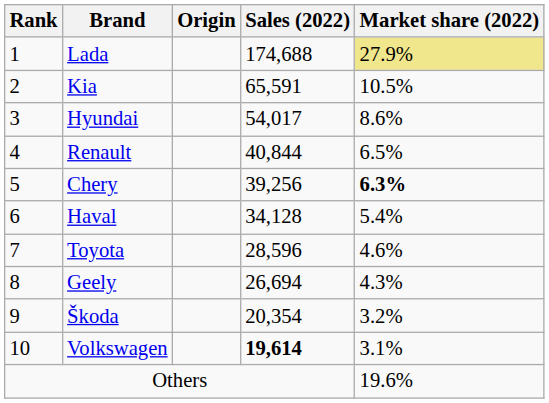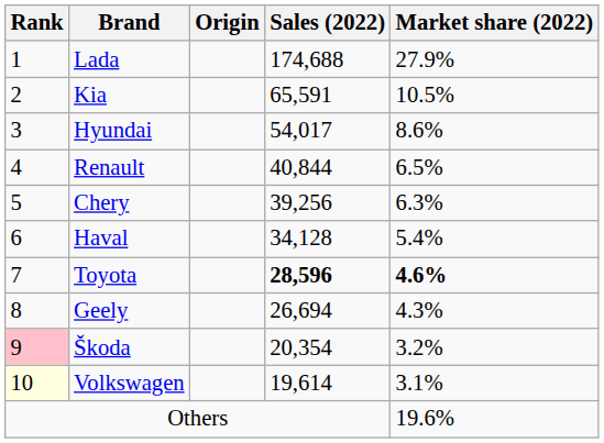 <table class="wikitable">
 <tr>
 <th>Rank</th>
 <th>Brand</th>
 <th>Origin</th>
 <th>Sales (2022)</th>
 <th>Market share (2022)</th>
 </tr>
 <tr>
 <td>1</td>
 <td><a href='#'>Lada</a></td>
 <td></td>
 <td>174,688</td>
-<td style="background: khaki;">27.9%</td>
+<td>27.9%</td>
 </tr>
 <tr>
 <td>2</td>
 <td><a href='#'>Kia</a></td>
 <td></td>
 <td>65,591</td>
 <td>10.5%</td>
 </tr>
 <tr>
 <td>3</td>
 <td><a href='#'>Hyundai</a></td>
 <td></td>
 <td>54,017</td>
 <td>8.6%</td>
 </tr>
 <tr>
 <td>4</td>
 <td><a href='#'>Renault</a></td>
 <td></td>
 <td>40,844</td>
 <td>6.5%</td>
 </tr>
 <tr>
 <td>5</td>
 <td><a href='#'>Chery</a></td>
 <td></td>
 <td>39,256</td>
-<td><strong>6.3%</strong></td>
+<td>6.3%</td>
 </tr>
 <tr>
 <td>6</td>
 <td><a href='#'>Haval</a></td>
 <td></td>
 <td>34,128</td>
 <td>5.4%</td>
 </tr>
 <tr>
 <td>7</td>
 <td><a href='#'>Toyota</a></td>
 <td></td>
-<td>28,596</td>
-<td>4.6%</td>
+<td><strong>28,596</strong></td>
+<td><strong>4.6%</strong></td>
 </tr>
 <tr>
 <td>8</td>
 <td><a href='#'>Geely</a></td>
 <td></td>
 <td>26,694</td>
 <td>4.3%</td>
 </tr>
 <tr>
-<td>9</td>
+<td style="background: pink;">9</td>
 <td><a href='#'>Škoda</a></td>
 <td></td>
 <td>20,354</td>
 <td>3.2%</td>
 </tr>
 <tr>
-<td>10</td>
+<td style="background: lightyellow;">10</td>
 <td><a href='#'>Volkswagen</a></td>
 <td></td>
-<td><strong>19,614</strong></td>
+<td>19,614</td>
 <td>3.1%</td>
 </tr>
 <tr>
 <td colspan="4" style="text-align:center;">Others</td>
 <td>19.6%</td>
 </tr>
 </table>
